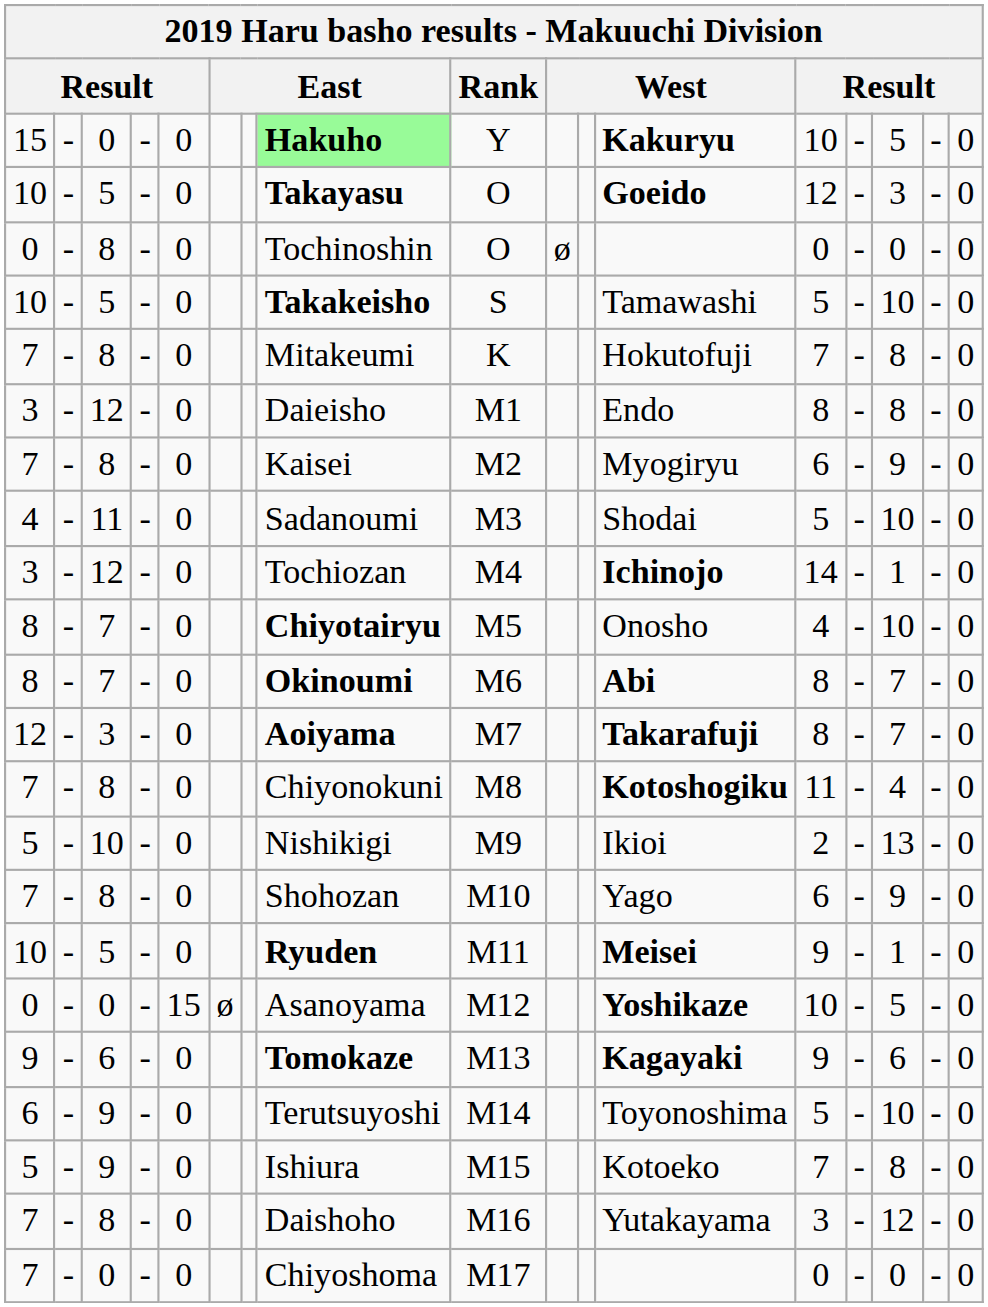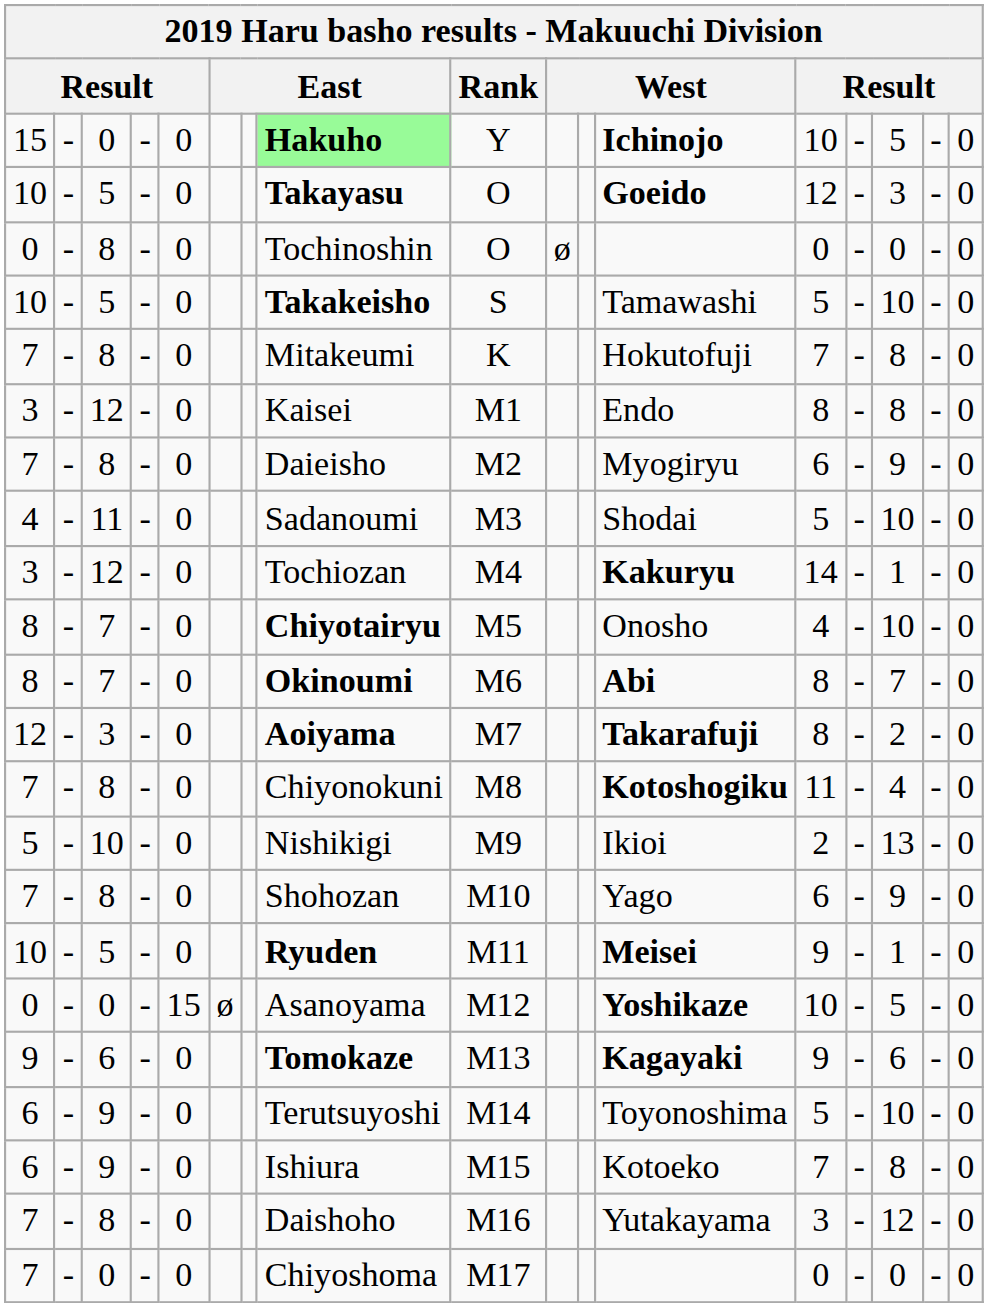 <table class="wikitable">
 <tr>
 <th colspan="17">2019 Haru basho results - Makuuchi Division</th>
 </tr>
 <tr>
 <th colspan="5">Result</th>
 <th colspan="3">East</th>
 <th>Rank</th>
 <th colspan="3">West</th>
 <th colspan="5">Result</th>
 </tr>
 <tr>
 <td align=center>15</td>
 <td align=center>-</td>
 <td align=center>0</td>
 <td align=center>-</td>
 <td align=center>0</td>
 <td align=center></td>
 <td align=center></td>
 <td style="background: PaleGreen;"><strong>Hakuho</strong></td>
 <td align=center>Y</td>
 <td align=center></td>
 <td align=center></td>
-<td><strong>Kakuryu</strong></td>
+<td><strong>Ichinojo</strong></td>
 <td align=center>10</td>
 <td align=center>-</td>
 <td align=center>5</td>
 <td align=center>-</td>
 <td align=center>0</td>
 </tr>
 <tr>
 <td align=center>10</td>
 <td align=center>-</td>
 <td align=center>5</td>
 <td align=center>-</td>
 <td align=center>0</td>
 <td align=center></td>
 <td align=center></td>
 <td><strong>Takayasu</strong></td>
 <td align=center>O</td>
 <td align=center></td>
 <td align=center></td>
 <td><strong>Goeido</strong></td>
 <td align=center>12</td>
 <td align=center>-</td>
 <td align=center>3</td>
 <td align=center>-</td>
 <td align=center>0</td>
 </tr>
 <tr>
 <td align=center>0</td>
 <td align=center>-</td>
 <td align=center>8</td>
 <td align=center>-</td>
 <td align=center>0</td>
 <td align=center></td>
 <td align=center></td>
 <td>Tochinoshin</td>
 <td align=center>O</td>
 <td align=center>ø</td>
 <td align=center></td>
 <td></td>
 <td align=center>0</td>
 <td align=center>-</td>
 <td align=center>0</td>
 <td align=center>-</td>
 <td align=center>0</td>
 </tr>
 <tr>
 <td align=center>10</td>
 <td align=center>-</td>
 <td align=center>5</td>
 <td align=center>-</td>
 <td align=center>0</td>
 <td align=center></td>
 <td align=center></td>
 <td><strong>Takakeisho</strong></td>
 <td align=center>S</td>
 <td align=center></td>
 <td align=center></td>
 <td>Tamawashi</td>
 <td align=center>5</td>
 <td align=center>-</td>
 <td align=center>10</td>
 <td align=center>-</td>
 <td align=center>0</td>
 </tr>
 <tr>
 <td align=center>7</td>
 <td align=center>-</td>
 <td align=center>8</td>
 <td align=center>-</td>
 <td align=center>0</td>
 <td align=center></td>
 <td align=center></td>
 <td>Mitakeumi</td>
 <td align=center>K</td>
 <td align=center></td>
 <td align=center></td>
 <td>Hokutofuji</td>
 <td align=center>7</td>
 <td align=center>-</td>
 <td align=center>8</td>
 <td align=center>-</td>
 <td align=center>0</td>
 </tr>
 <tr>
 <td align=center>3</td>
 <td align=center>-</td>
 <td align=center>12</td>
 <td align=center>-</td>
 <td align=center>0</td>
 <td align=center></td>
 <td align=center></td>
-<td>Daieisho</td>
+<td>Kaisei</td>
 <td align=center>M1</td>
 <td align=center></td>
 <td align=center></td>
 <td>Endo</td>
 <td align=center>8</td>
 <td align=center>-</td>
 <td align=center>8</td>
 <td align=center>-</td>
 <td align=center>0</td>
 </tr>
 <tr>
 <td align=center>7</td>
 <td align=center>-</td>
 <td align=center>8</td>
 <td align=center>-</td>
 <td align=center>0</td>
 <td align=center></td>
 <td align=center></td>
-<td>Kaisei</td>
+<td>Daieisho</td>
 <td align=center>M2</td>
 <td align=center></td>
 <td align=center></td>
 <td>Myogiryu</td>
 <td align=center>6</td>
 <td align=center>-</td>
 <td align=center>9</td>
 <td align=center>-</td>
 <td align=center>0</td>
 </tr>
 <tr>
 <td align=center>4</td>
 <td align=center>-</td>
 <td align=center>11</td>
 <td align=center>-</td>
 <td align=center>0</td>
 <td align=center></td>
 <td align=center></td>
 <td>Sadanoumi</td>
 <td align=center>M3</td>
 <td align=center></td>
 <td align=center></td>
 <td>Shodai</td>
 <td align=center>5</td>
 <td align=center>-</td>
 <td align=center>10</td>
 <td align=center>-</td>
 <td align=center>0</td>
 </tr>
 <tr>
 <td align=center>3</td>
 <td align=center>-</td>
 <td align=center>12</td>
 <td align=center>-</td>
 <td align=center>0</td>
 <td align=center></td>
 <td align=center></td>
 <td>Tochiozan</td>
 <td align=center>M4</td>
 <td align=center></td>
 <td align=center></td>
-<td><strong>Ichinojo</strong></td>
+<td><strong>Kakuryu</strong></td>
 <td align=center>14</td>
 <td align=center>-</td>
 <td align=center>1</td>
 <td align=center>-</td>
 <td align=center>0</td>
 </tr>
 <tr>
 <td align=center>8</td>
 <td align=center>-</td>
 <td align=center>7</td>
 <td align=center>-</td>
 <td align=center>0</td>
 <td align=center></td>
 <td align=center></td>
 <td><strong>Chiyotairyu</strong></td>
 <td align=center>M5</td>
 <td align=center></td>
 <td align=center></td>
 <td>Onosho</td>
 <td align=center>4</td>
 <td align=center>-</td>
 <td align=center>10</td>
 <td align=center>-</td>
 <td align=center>0</td>
 </tr>
 <tr>
 <td align=center>8</td>
 <td align=center>-</td>
 <td align=center>7</td>
 <td align=center>-</td>
 <td align=center>0</td>
 <td align=center></td>
 <td align=center></td>
 <td><strong>Okinoumi</strong></td>
 <td align=center>M6</td>
 <td align=center></td>
 <td align=center></td>
 <td><strong>Abi</strong></td>
 <td align=center>8</td>
 <td align=center>-</td>
 <td align=center>7</td>
 <td align=center>-</td>
 <td align=center>0</td>
 </tr>
 <tr>
 <td align=center>12</td>
 <td align=center>-</td>
 <td align=center>3</td>
 <td align=center>-</td>
 <td align=center>0</td>
 <td align=center></td>
 <td align=center></td>
 <td><strong>Aoiyama</strong></td>
 <td align=center>M7</td>
 <td align=center></td>
 <td align=center></td>
 <td><strong>Takarafuji</strong></td>
 <td align=center>8</td>
 <td align=center>-</td>
-<td align=center>7</td>
+<td align=center>2</td>
 <td align=center>-</td>
 <td align=center>0</td>
 </tr>
 <tr>
 <td align=center>7</td>
 <td align=center>-</td>
 <td align=center>8</td>
 <td align=center>-</td>
 <td align=center>0</td>
 <td align=center></td>
 <td align=center></td>
 <td>Chiyonokuni</td>
 <td align=center>M8</td>
 <td align=center></td>
 <td align=center></td>
 <td><strong>Kotoshogiku</strong></td>
 <td align=center>11</td>
 <td align=center>-</td>
 <td align=center>4</td>
 <td align=center>-</td>
 <td align=center>0</td>
 </tr>
 <tr>
 <td align=center>5</td>
 <td align=center>-</td>
 <td align=center>10</td>
 <td align=center>-</td>
 <td align=center>0</td>
 <td align=center></td>
 <td align=center></td>
 <td>Nishikigi</td>
 <td align=center>M9</td>
 <td align=center></td>
 <td align=center></td>
 <td>Ikioi</td>
 <td align=center>2</td>
 <td align=center>-</td>
 <td align=center>13</td>
 <td align=center>-</td>
 <td align=center>0</td>
 </tr>
 <tr>
 <td align=center>7</td>
 <td align=center>-</td>
 <td align=center>8</td>
 <td align=center>-</td>
 <td align=center>0</td>
 <td align=center></td>
 <td align=center></td>
 <td>Shohozan</td>
 <td align=center>M10</td>
 <td align=center></td>
 <td align=center></td>
 <td>Yago</td>
 <td align=center>6</td>
 <td align=center>-</td>
 <td align=center>9</td>
 <td align=center>-</td>
 <td align=center>0</td>
 </tr>
 <tr>
 <td align=center>10</td>
 <td align=center>-</td>
 <td align=center>5</td>
 <td align=center>-</td>
 <td align=center>0</td>
 <td align=center></td>
 <td align=center></td>
 <td><strong>Ryuden</strong></td>
 <td align=center>M11</td>
 <td align=center></td>
 <td align=center></td>
 <td><strong>Meisei</strong></td>
 <td align=center>9</td>
 <td align=center>-</td>
 <td align=center>1</td>
 <td align=center>-</td>
 <td align=center>0</td>
 </tr>
 <tr>
 <td align=center>0</td>
 <td align=center>-</td>
 <td align=center>0</td>
 <td align=center>-</td>
 <td align=center>15</td>
 <td align=center>ø</td>
 <td align=center></td>
 <td>Asanoyama</td>
 <td align=center>M12</td>
 <td align=center></td>
 <td align=center></td>
 <td><strong>Yoshikaze</strong></td>
 <td align=center>10</td>
 <td align=center>-</td>
 <td align=center>5</td>
 <td align=center>-</td>
 <td align=center>0</td>
 </tr>
 <tr>
 <td align=center>9</td>
 <td align=center>-</td>
 <td align=center>6</td>
 <td align=center>-</td>
 <td align=center>0</td>
 <td align=center></td>
 <td align=center></td>
 <td><strong>Tomokaze</strong></td>
 <td align=center>M13</td>
 <td align=center></td>
 <td align=center></td>
 <td><strong>Kagayaki</strong></td>
 <td align=center>9</td>
 <td align=center>-</td>
 <td align=center>6</td>
 <td align=center>-</td>
 <td align=center>0</td>
 </tr>
 <tr>
 <td align=center>6</td>
 <td align=center>-</td>
 <td align=center>9</td>
 <td align=center>-</td>
 <td align=center>0</td>
 <td align=center></td>
 <td align=center></td>
 <td>Terutsuyoshi</td>
 <td align=center>M14</td>
 <td align=center></td>
 <td align=center></td>
 <td>Toyonoshima</td>
 <td align=center>5</td>
 <td align=center>-</td>
 <td align=center>10</td>
 <td align=center>-</td>
 <td align=center>0</td>
 </tr>
 <tr>
-<td align=center>5</td>
+<td align=center>6</td>
 <td align=center>-</td>
 <td align=center>9</td>
 <td align=center>-</td>
 <td align=center>0</td>
 <td align=center></td>
 <td align=center></td>
 <td>Ishiura</td>
 <td align=center>M15</td>
 <td align=center></td>
 <td align=center></td>
 <td>Kotoeko</td>
 <td align=center>7</td>
 <td align=center>-</td>
 <td align=center>8</td>
 <td align=center>-</td>
 <td align=center>0</td>
 </tr>
 <tr>
 <td align=center>7</td>
 <td align=center>-</td>
 <td align=center>8</td>
 <td align=center>-</td>
 <td align=center>0</td>
 <td align=center></td>
 <td align=center></td>
 <td>Daishoho</td>
 <td align=center>M16</td>
 <td align=center></td>
 <td align=center></td>
 <td>Yutakayama</td>
 <td align=center>3</td>
 <td align=center>-</td>
 <td align=center>12</td>
 <td align=center>-</td>
 <td align=center>0</td>
 </tr>
 <tr>
 <td align=center>7</td>
 <td align=center>-</td>
 <td align=center>0</td>
 <td align=center>-</td>
 <td align=center>0</td>
 <td align=center></td>
 <td align=center></td>
 <td>Chiyoshoma</td>
 <td align=center>M17</td>
 <td align=center></td>
 <td align=center></td>
 <td></td>
 <td align=center>0</td>
 <td align=center>-</td>
 <td align=center>0</td>
 <td align=center>-</td>
 <td align=center>0</td>
 </tr>
 </table>
